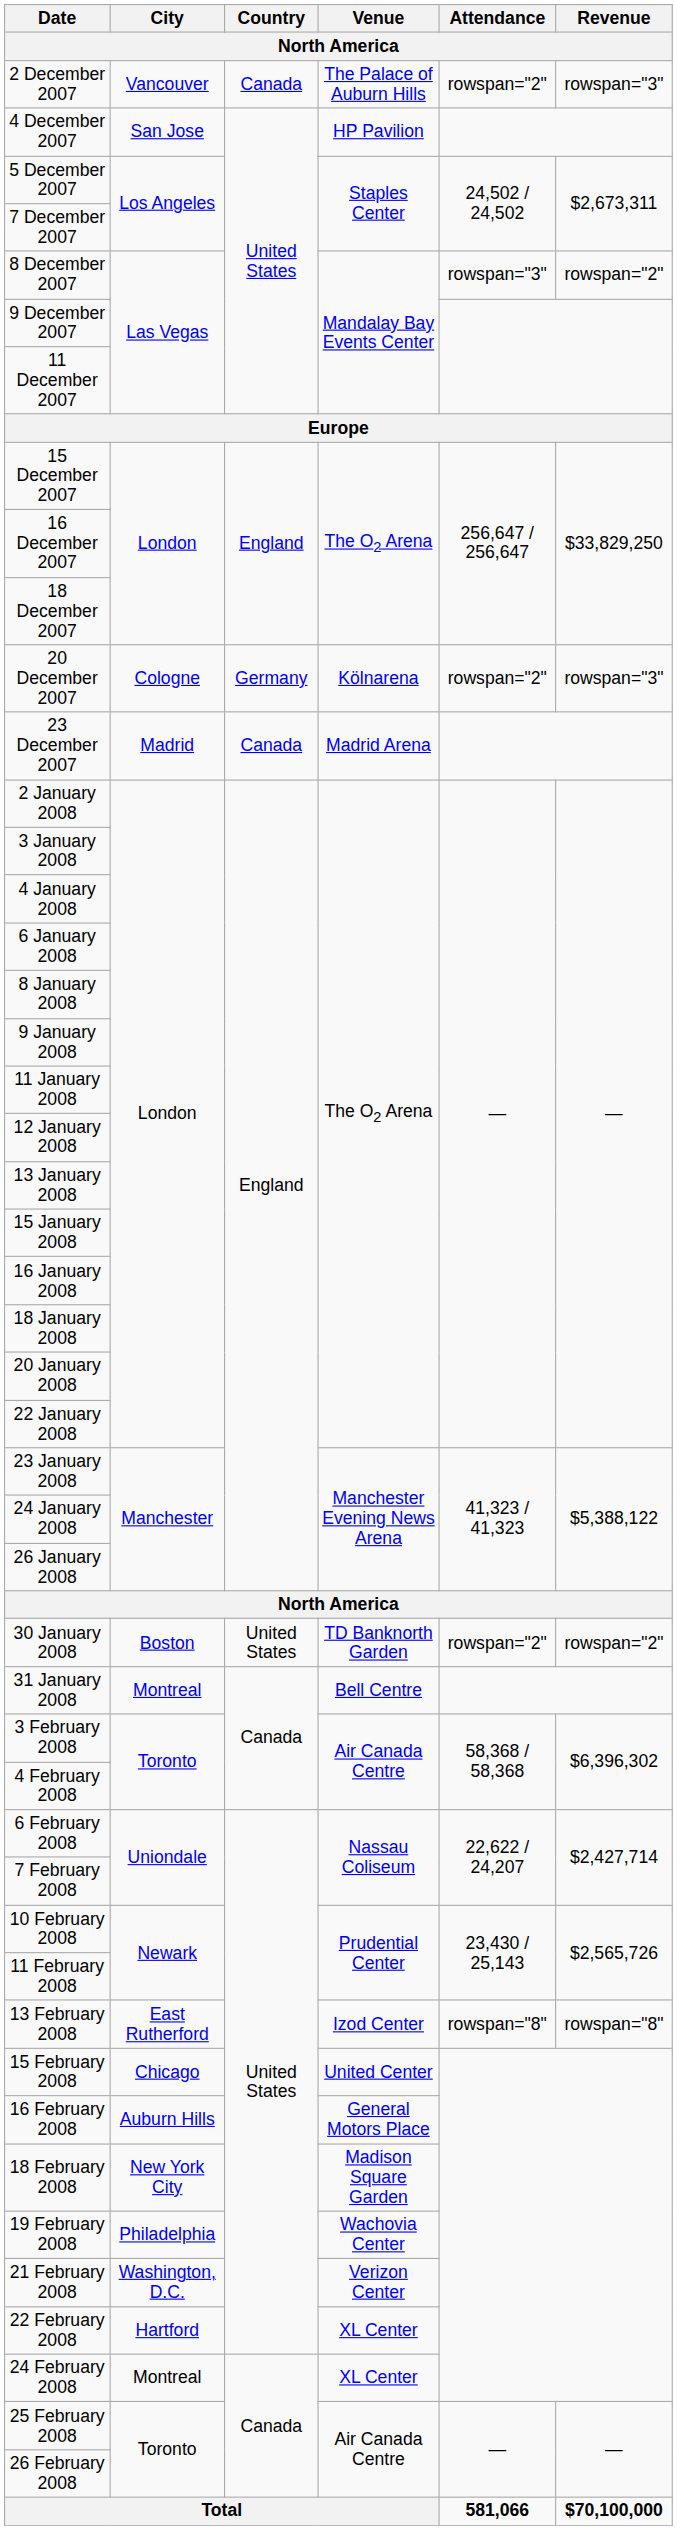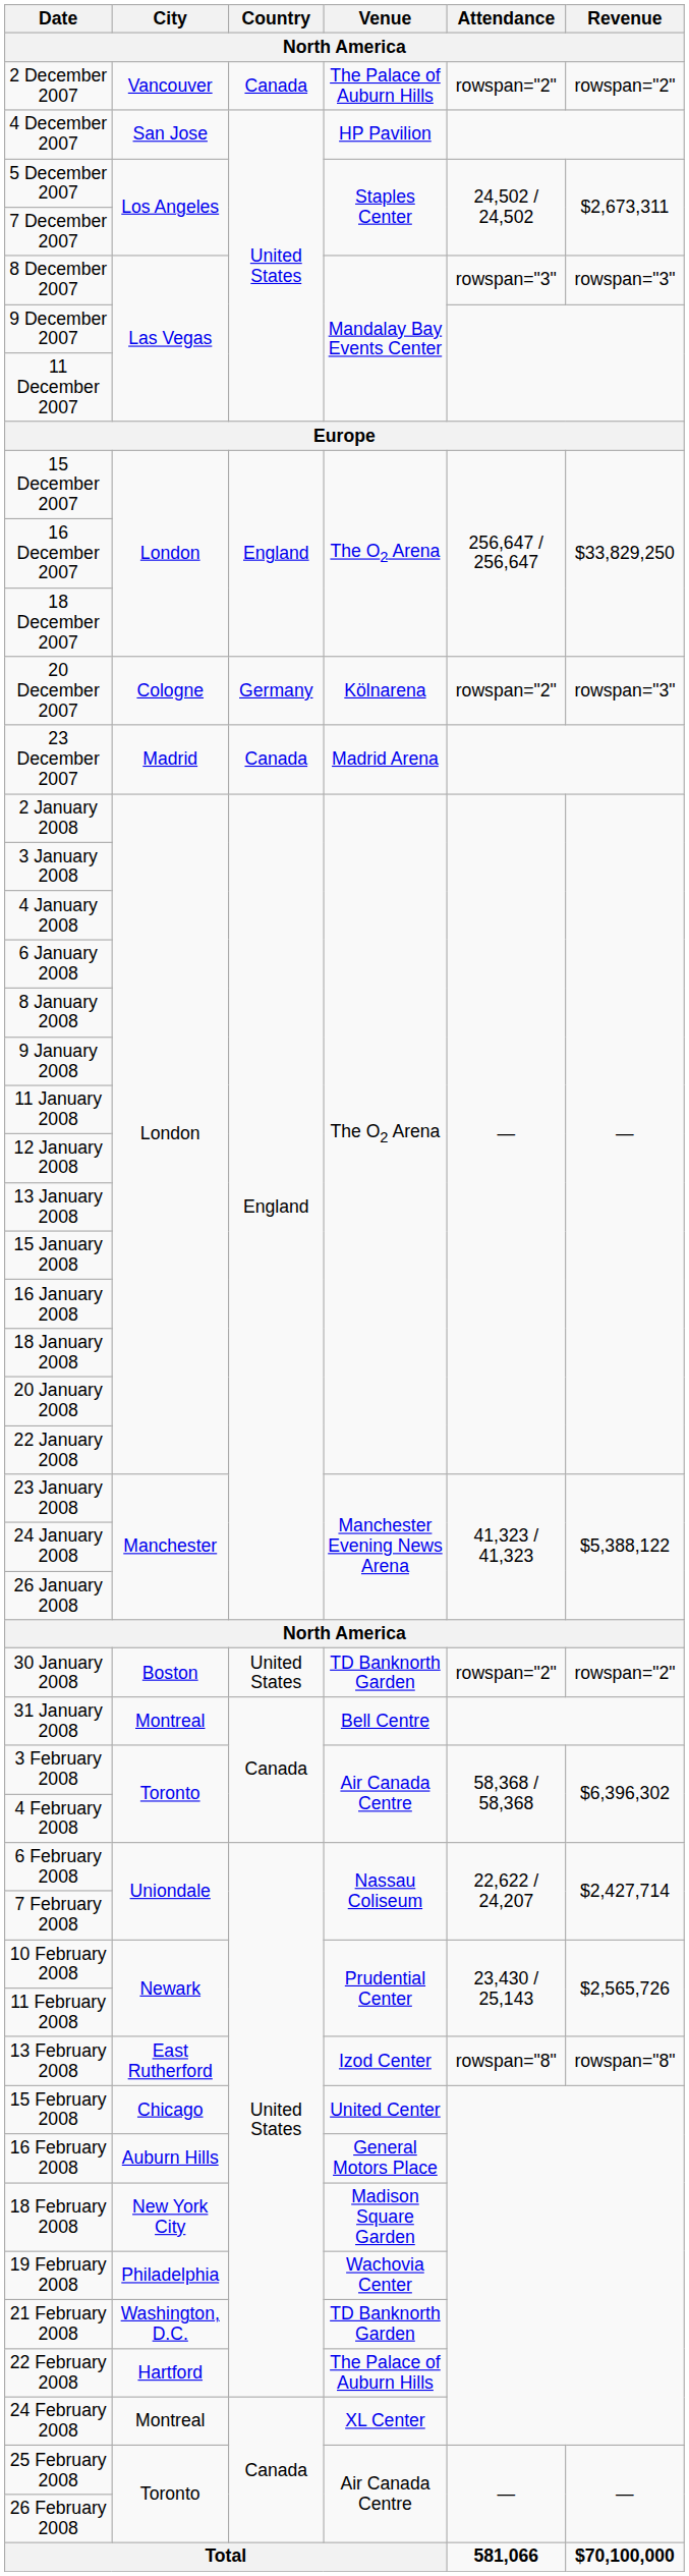 <table class="wikitable" style="text-align:center;">
 <tr>
 <th scope="col" style="width:12em;">Date</th>
 <th scope="col" style="width:10em;">City</th>
 <th scope="col" style="width:10em;">Country</th>
 <th scope="col" style="width:15em;">Venue</th>
 <th scope="col" style="width:10em;">Attendance</th>
 <th scope="col" style="width:10em;">Revenue</th>
 </tr>
 <tr>
 <th colspan="6">North America</th>
 </tr>
 <tr>
 <td>2 December 2007</td>
 <td><a href='#'>Vancouver</a></td>
 <td><a href='#'>Canada</a></td>
 <td><a href='#'>The Palace of Auburn Hills</a></td>
 <td>rowspan="2" </td>
-<td>rowspan="3" </td>
+<td>rowspan="2" </td>
 </tr>
 <tr>
 <td>4 December 2007</td>
 <td><a href='#'>San Jose</a></td>
 <td rowspan="6"><a href='#'>United States</a></td>
 <td><a href='#'>HP Pavilion</a></td>
 </tr>
 <tr>
 <td>5 December 2007</td>
 <td rowspan="2"><a href='#'>Los Angeles</a></td>
 <td rowspan="2"><a href='#'>Staples Center</a></td>
 <td rowspan="2">24,502 / 24,502</td>
 <td rowspan="2">$2,673,311</td>
 </tr>
 <tr>
 <td>7 December 2007</td>
 </tr>
 <tr>
 <td>8 December 2007</td>
 <td rowspan="3"><a href='#'>Las Vegas</a></td>
 <td rowspan="3"><a href='#'>Mandalay Bay Events Center</a></td>
 <td>rowspan="3" </td>
-<td>rowspan="2" </td>
+<td>rowspan="3" </td>
 </tr>
 <tr>
 <td>9 December 2007</td>
 </tr>
 <tr>
 <td>11 December 2007</td>
 </tr>
 <tr>
 <th colspan="6">Europe</th>
 </tr>
 <tr>
 <td>15 December 2007</td>
 <td rowspan="3"><a href='#'>London</a></td>
 <td rowspan="3"><a href='#'>England</a></td>
 <td rowspan="3"><a href='#'>The O<sub>2</sub> Arena</a></td>
 <td rowspan="3">256,647 / 256,647</td>
 <td rowspan="3">$33,829,250</td>
 </tr>
 <tr>
 <td>16 December 2007</td>
 </tr>
 <tr>
 <td>18 December 2007</td>
 </tr>
 <tr>
 <td>20 December 2007</td>
 <td><a href='#'>Cologne</a></td>
 <td><a href='#'>Germany</a></td>
 <td><a href='#'>Kölnarena</a></td>
 <td>rowspan="2" </td>
 <td>rowspan="3" </td>
 </tr>
 <tr>
 <td>23 December 2007</td>
 <td><a href='#'>Madrid</a></td>
 <td><a href='#'>Canada</a></td>
 <td><a href='#'>Madrid Arena</a></td>
 </tr>
 <tr>
 <td>2 January 2008</td>
 <td rowspan="14">London</td>
 <td rowspan="17">England</td>
 <td rowspan="14">The O<sub>2</sub> Arena</td>
 <td rowspan="14">—</td>
 <td rowspan="14">— </td>
 </tr>
 <tr>
 <td>3 January 2008</td>
 </tr>
 <tr>
 <td>4 January 2008</td>
 </tr>
 <tr>
 <td>6 January 2008</td>
 </tr>
 <tr>
 <td>8 January 2008</td>
 </tr>
 <tr>
 <td>9 January 2008</td>
 </tr>
 <tr>
 <td>11 January 2008</td>
 </tr>
 <tr>
 <td>12 January 2008</td>
 </tr>
 <tr>
 <td>13 January 2008</td>
 </tr>
 <tr>
 <td>15 January 2008</td>
 </tr>
 <tr>
 <td>16 January 2008</td>
 </tr>
 <tr>
 <td>18 January 2008</td>
 </tr>
 <tr>
 <td>20 January 2008</td>
 </tr>
 <tr>
 <td>22 January 2008</td>
 </tr>
 <tr>
 <td>23 January 2008</td>
 <td rowspan="3"><a href='#'>Manchester</a></td>
 <td rowspan="3"><a href='#'>Manchester Evening News Arena</a></td>
 <td rowspan="3">41,323 / 41,323</td>
 <td rowspan="3">$5,388,122</td>
 </tr>
 <tr>
 <td>24 January 2008</td>
 </tr>
 <tr>
 <td>26 January 2008</td>
 </tr>
 <tr>
 <th colspan="6">North America</th>
 </tr>
 <tr>
 <td>30 January 2008</td>
 <td><a href='#'>Boston</a></td>
 <td>United States</td>
 <td><a href='#'>TD Banknorth Garden</a></td>
 <td>rowspan="2" </td>
 <td>rowspan="2" </td>
 </tr>
 <tr>
 <td>31 January 2008</td>
 <td><a href='#'>Montreal</a></td>
 <td rowspan="3">Canada</td>
 <td><a href='#'>Bell Centre</a></td>
 </tr>
 <tr>
 <td>3 February 2008</td>
 <td rowspan="2"><a href='#'>Toronto</a></td>
 <td rowspan="2"><a href='#'>Air Canada Centre</a></td>
 <td rowspan="2">58,368 / 58,368</td>
 <td rowspan="2">$6,396,302</td>
 </tr>
 <tr>
 <td>4 February 2008</td>
 </tr>
 <tr>
 <td>6 February 2008</td>
 <td rowspan="2"><a href='#'>Uniondale</a></td>
 <td rowspan="11">United States</td>
 <td rowspan="2"><a href='#'>Nassau Coliseum</a></td>
 <td rowspan="2">22,622 / 24,207</td>
 <td rowspan="2">$2,427,714</td>
 </tr>
 <tr>
 <td>7 February 2008</td>
 </tr>
 <tr>
 <td>10 February 2008</td>
 <td rowspan="2"><a href='#'>Newark</a></td>
 <td rowspan="2"><a href='#'>Prudential Center</a></td>
 <td rowspan="2">23,430 / 25,143</td>
 <td rowspan="2">$2,565,726</td>
 </tr>
 <tr>
 <td>11 February 2008</td>
 </tr>
 <tr>
 <td>13 February 2008</td>
 <td><a href='#'>East Rutherford</a></td>
 <td><a href='#'>Izod Center</a></td>
 <td>rowspan="8" </td>
 <td>rowspan="8" </td>
 </tr>
 <tr>
 <td>15 February 2008</td>
 <td><a href='#'>Chicago</a></td>
 <td><a href='#'>United Center</a></td>
 </tr>
 <tr>
 <td>16 February 2008</td>
 <td><a href='#'>Auburn Hills</a></td>
 <td><a href='#'>General Motors Place</a></td>
 </tr>
 <tr>
 <td>18 February 2008</td>
 <td><a href='#'>New York City</a></td>
 <td><a href='#'>Madison Square Garden</a></td>
 </tr>
 <tr>
 <td>19 February 2008</td>
 <td><a href='#'>Philadelphia</a></td>
 <td><a href='#'>Wachovia Center</a></td>
 </tr>
 <tr>
 <td>21 February 2008</td>
 <td><a href='#'>Washington, D.C.</a></td>
-<td><a href='#'>Verizon Center</a></td>
+<td><a href='#'>TD Banknorth Garden</a></td>
 </tr>
 <tr>
 <td>22 February 2008</td>
 <td><a href='#'>Hartford</a></td>
-<td><a href='#'>XL Center</a></td>
+<td><a href='#'>The Palace of Auburn Hills</a></td>
 </tr>
 <tr>
 <td>24 February 2008</td>
 <td>Montreal</td>
 <td rowspan="3">Canada</td>
 <td><a href='#'>XL Center</a></td>
 </tr>
 <tr>
 <td>25 February 2008</td>
 <td rowspan="2">Toronto</td>
 <td rowspan="2">Air Canada Centre</td>
 <td rowspan="2">—</td>
 <td rowspan="2">—</td>
 </tr>
 <tr>
 <td>26 February 2008</td>
 </tr>
 <tr>
 <th colspan="4">Total</th>
 <td><strong>581,066</strong><br></td>
 <td><strong>$70,100,000</strong><br></td>
 </tr>
 </table>
